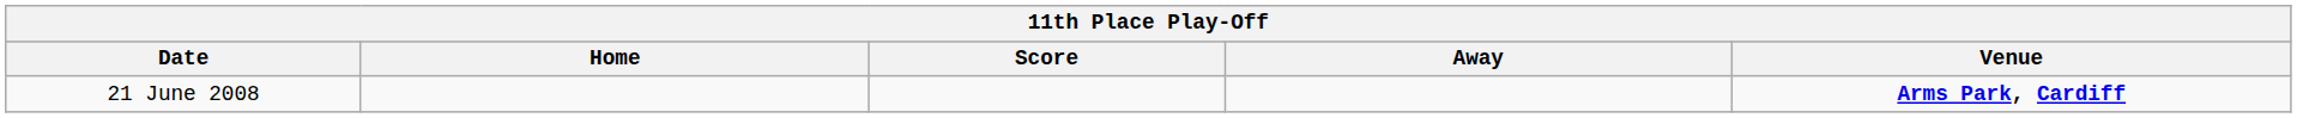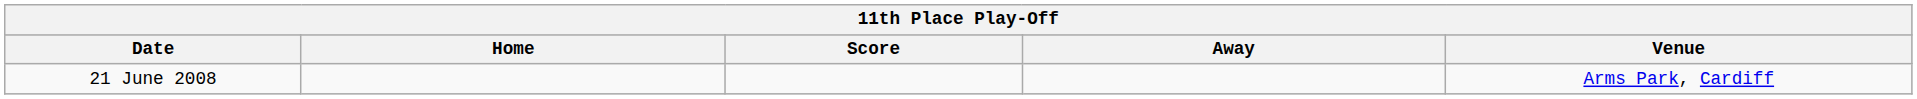 <table class="wikitable" style="font-size:90%; width: 100%; text-align: center;">
 <tr>
 <th colspan=5>11th Place Play-Off</th>
 </tr>
 <tr>
 <th width=7%>Date</th>
 <th width=10%>Home</th>
 <th width=7%>Score</th>
 <th width=10%>Away</th>
 <th width=11%>Venue</th>
 </tr>
 <tr>
 <td>21 June 2008</td>
 <td></td>
 <td></td>
 <td></td>
-<td><strong><a href='#'>Arms Park</a>, <a href='#'>Cardiff</a></strong></td>
+<td><a href='#'>Arms Park</a>, <a href='#'>Cardiff</a></td>
 </tr>
 </table>
